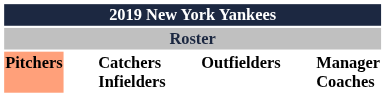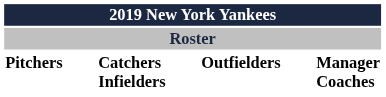 <table class="toccolours" style="font-size: 95%;">
 <tr>
 <th colspan="10" style="background:#1c2841; color:white; text-align:center;">2019 New York Yankees</th>
 </tr>
 <tr>
 <td colspan="10" style="background:silver; color:#1c2841; text-align:center;"><strong>Roster</strong></td>
 </tr>
 <tr>
-<td valign="top" style="background: lightsalmon;"><strong>Pitchers</strong><br>                             </td>
+<td valign="top"><strong>Pitchers</strong><br>                             </td>
 <td style="width:25px;"></td>
 <td valign="top"><strong>Catchers</strong><br>   <strong>Infielders</strong>              </td>
 <td style="width:25px;"></td>
 <td valign="top"><strong>Outfielders</strong><br>      </td>
 <td style="width:25px;"></td>
 <td valign="top"><strong>Manager</strong><br> <strong>Coaches</strong>                      </td>
 </tr>
 </table>
